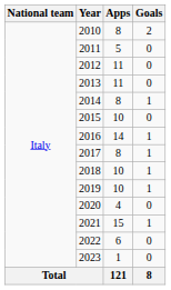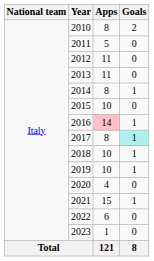 <table class="wikitable" style="text-align:center">
 <tr>
 <th>National team</th>
 <th>Year</th>
 <th>Apps</th>
 <th>Goals</th>
 </tr>
 <tr>
 <td rowspan="14"><a href='#'>Italy</a></td>
 <td>2010</td>
 <td>8</td>
 <td>2</td>
 </tr>
 <tr>
 <td>2011</td>
 <td>5</td>
 <td>0</td>
 </tr>
 <tr>
 <td>2012</td>
 <td>11</td>
 <td>0</td>
 </tr>
 <tr>
 <td>2013</td>
 <td>11</td>
 <td>0</td>
 </tr>
 <tr>
 <td>2014</td>
 <td>8</td>
 <td>1</td>
 </tr>
 <tr>
 <td>2015</td>
 <td>10</td>
 <td>0</td>
 </tr>
 <tr>
 <td>2016</td>
-<td>14</td>
+<td style="background: pink;">14</td>
 <td>1</td>
 </tr>
 <tr>
 <td>2017</td>
 <td>8</td>
-<td>1</td>
+<td style="background: paleturquoise;">1</td>
 </tr>
 <tr>
 <td>2018</td>
 <td>10</td>
 <td>1</td>
 </tr>
 <tr>
 <td>2019</td>
 <td>10</td>
 <td>1</td>
 </tr>
 <tr>
 <td>2020</td>
 <td>4</td>
 <td>0</td>
 </tr>
 <tr>
 <td>2021</td>
 <td>15</td>
 <td>1</td>
 </tr>
 <tr>
 <td>2022</td>
 <td>6</td>
 <td>0</td>
 </tr>
 <tr>
 <td>2023</td>
 <td>1</td>
 <td>0</td>
 </tr>
 <tr>
 <th colspan="2">Total</th>
 <th>121</th>
 <th>8</th>
 </tr>
 </table>
